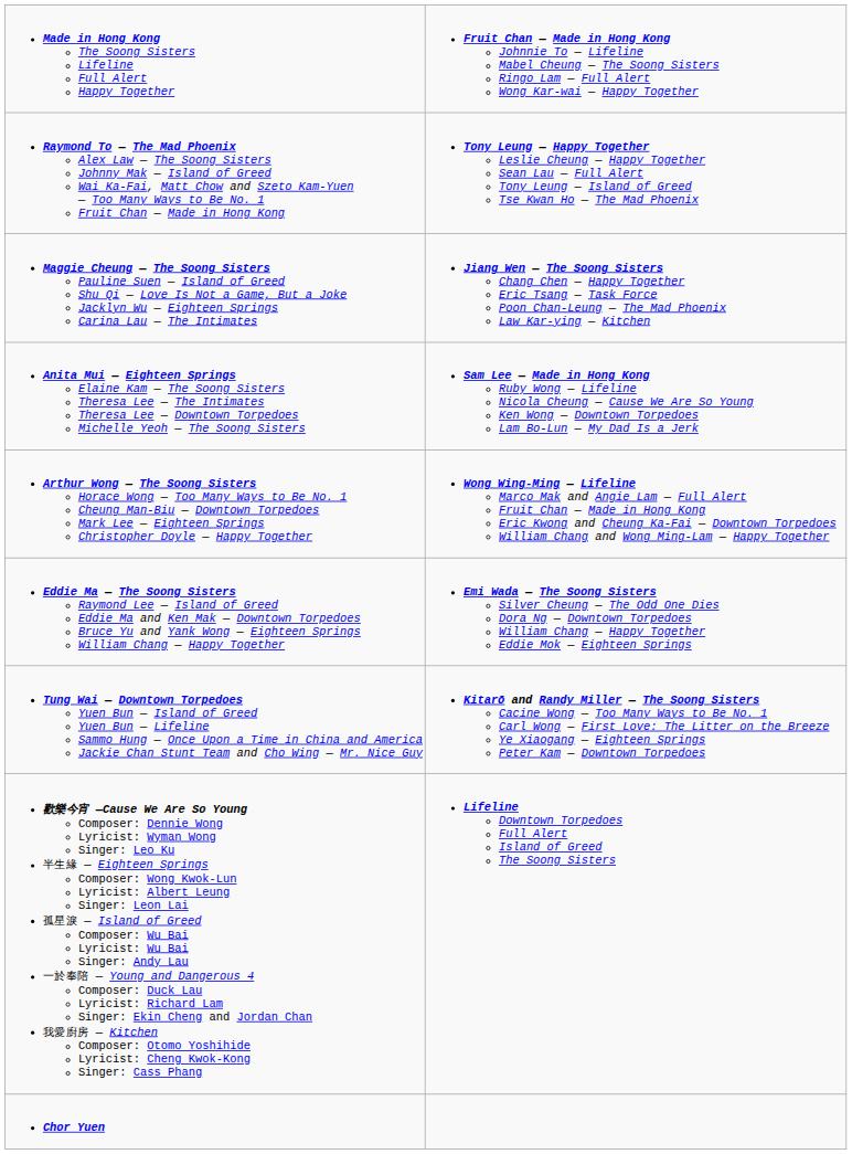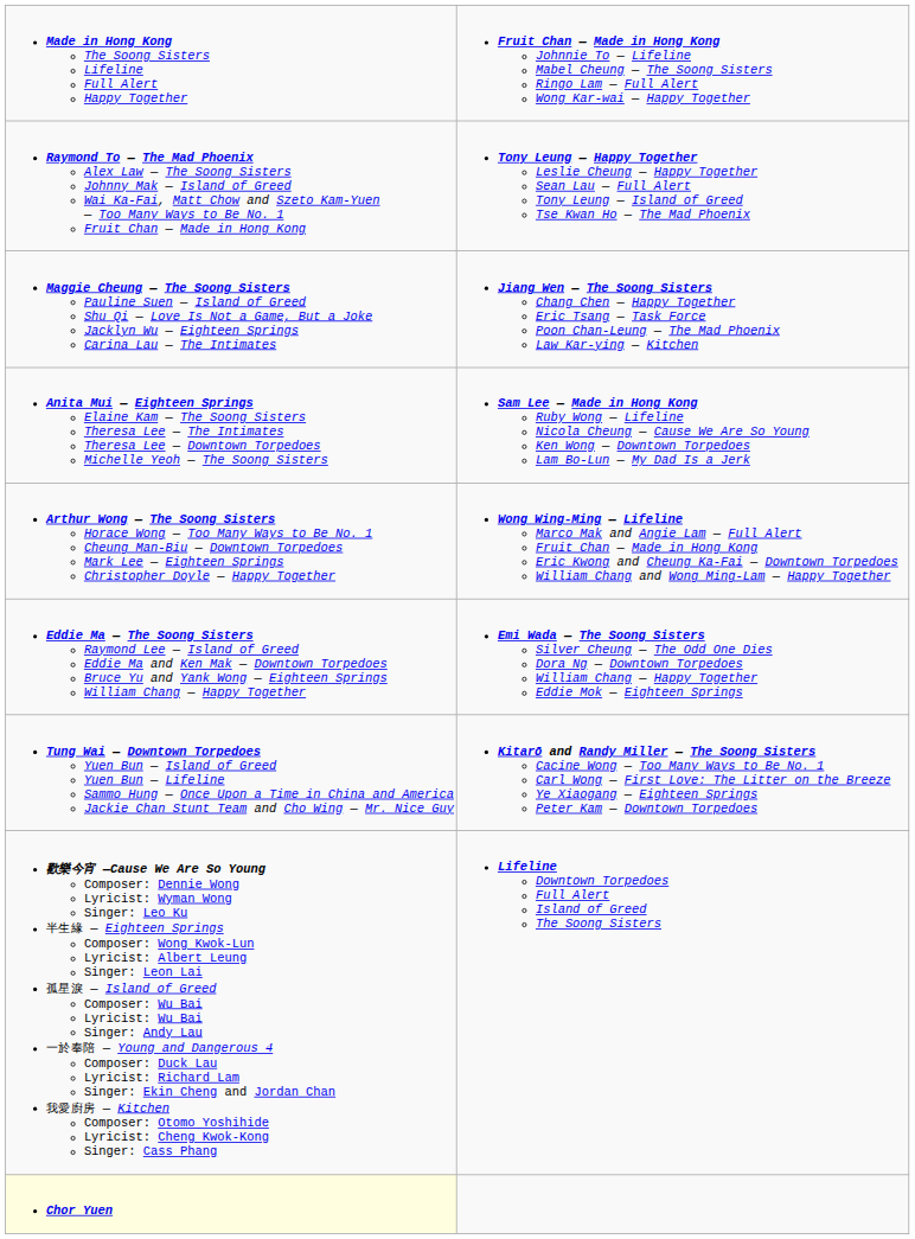 <table class=wikitable>
 <tr>
 <td valign="top" width="50%"><br><ul><li><strong><em><a href='#'>Made in Hong Kong</a></em></strong><ul><li><em><a href='#'>The Soong Sisters</a></em></li><li><em><a href='#'>Lifeline</a></em></li><li><em><a href='#'>Full Alert</a></em></li><li><em><a href='#'>Happy Together</a></em></li></ul></li></ul></td>
 <td valign="top" width="50%"><br><ul><li><strong><em><a href='#'>Fruit Chan</a> — <a href='#'>Made in Hong Kong</a></em></strong><ul><li><em><a href='#'>Johnnie To</a> — <a href='#'>Lifeline</a></em></li><li><em><a href='#'>Mabel Cheung</a> — <a href='#'>The Soong Sisters</a></em></li><li><em><a href='#'>Ringo Lam</a> — <a href='#'>Full Alert</a></em></li><li><em><a href='#'>Wong Kar-wai</a> — <a href='#'>Happy Together</a></em></li></ul></li></ul></td>
 </tr>
 <tr>
 <td valign="top" width="50%"><br><ul><li><strong><em><a href='#'>Raymond To</a> — <a href='#'>The Mad Phoenix</a></em></strong><ul><li><em><a href='#'>Alex Law</a> — <a href='#'>The Soong Sisters</a></em></li><li><em><a href='#'>Johnny Mak</a> — <a href='#'>Island of Greed</a></em></li><li><em><a href='#'>Wai Ka-Fai</a>, <a href='#'>Matt Chow</a> and <a href='#'>Szeto Kam-Yuen</a> <br> — <a href='#'>Too Many Ways to Be No. 1</a></em></li><li><em><a href='#'>Fruit Chan</a> — <a href='#'>Made in Hong Kong</a></em></li></ul></li></ul></td>
 <td valign="top" width="50%"><br><ul><li><strong><em><a href='#'>Tony Leung</a> — <a href='#'>Happy Together</a></em></strong><ul><li><em><a href='#'>Leslie Cheung</a> — <a href='#'>Happy Together</a></em></li><li><em><a href='#'>Sean Lau</a> — <a href='#'>Full Alert</a></em></li><li><em><a href='#'>Tony Leung</a> — <a href='#'>Island of Greed</a></em></li><li><em><a href='#'>Tse Kwan Ho</a> — <a href='#'>The Mad Phoenix</a></em></li></ul></li></ul></td>
 </tr>
 <tr>
 <td valign="top" width="50%"><br><ul><li><strong><em><a href='#'>Maggie Cheung</a> — <a href='#'>The Soong Sisters</a></em></strong><ul><li><em><a href='#'>Pauline Suen</a> — <a href='#'>Island of Greed</a></em></li><li><em><a href='#'>Shu Qi</a> — <a href='#'>Love Is Not a Game, But a Joke</a></em></li><li><em><a href='#'>Jacklyn Wu</a> — <a href='#'>Eighteen Springs</a></em></li><li><em><a href='#'>Carina Lau</a> — <a href='#'>The Intimates</a></em></li></ul></li></ul></td>
 <td valign="top" width="50%"><br><ul><li><strong><em><a href='#'>Jiang Wen</a> — <a href='#'>The Soong Sisters</a></em></strong><ul><li><em><a href='#'>Chang Chen</a> — <a href='#'>Happy Together</a></em></li><li><em><a href='#'>Eric Tsang</a> — <a href='#'>Task Force</a></em></li><li><em><a href='#'>Poon Chan-Leung</a> — <a href='#'>The Mad Phoenix</a></em></li><li><em><a href='#'>Law Kar-ying</a> — <a href='#'>Kitchen</a></em></li></ul></li></ul></td>
 </tr>
 <tr>
 <td valign="top" width="50%"><br><ul><li><strong><em><a href='#'>Anita Mui</a> — <a href='#'>Eighteen Springs</a></em></strong><ul><li><em><a href='#'>Elaine Kam</a> — <a href='#'>The Soong Sisters</a></em></li><li><em><a href='#'>Theresa Lee</a> — <a href='#'>The Intimates</a></em></li><li><em><a href='#'>Theresa Lee</a> — <a href='#'>Downtown Torpedoes</a></em></li><li><em><a href='#'>Michelle Yeoh</a> — <a href='#'>The Soong Sisters</a></em></li></ul></li></ul></td>
 <td valign="top" width="50%"><br><ul><li><strong><em><a href='#'>Sam Lee</a> — <a href='#'>Made in Hong Kong</a></em></strong><ul><li><em><a href='#'>Ruby Wong</a> — <a href='#'>Lifeline</a></em></li><li><em><a href='#'>Nicola Cheung</a> — <a href='#'>Cause We Are So Young</a></em></li><li><em><a href='#'>Ken Wong</a> — <a href='#'>Downtown Torpedoes</a></em></li><li><em><a href='#'>Lam Bo-Lun</a> — <a href='#'>My Dad Is a Jerk</a></em></li></ul></li></ul></td>
 </tr>
 <tr>
 <td valign="top" width="50%"><br><ul><li><strong><em><a href='#'>Arthur Wong</a> — <a href='#'>The Soong Sisters</a></em></strong><ul><li><em><a href='#'>Horace Wong</a> — <a href='#'>Too Many Ways to Be No. 1</a></em></li><li><em><a href='#'>Cheung Man-Biu</a> — <a href='#'>Downtown Torpedoes</a></em></li><li><em><a href='#'>Mark Lee</a> — <a href='#'>Eighteen Springs</a></em></li><li><em><a href='#'>Christopher Doyle</a> — <a href='#'>Happy Together</a></em></li></ul></li></ul></td>
 <td valign="top" width="50%"><br><ul><li><strong><em><a href='#'>Wong Wing-Ming</a> — <a href='#'>Lifeline</a></em></strong><ul><li><em><a href='#'>Marco Mak</a> and <a href='#'>Angie Lam</a> — <a href='#'>Full Alert</a></em></li><li><em><a href='#'>Fruit Chan</a> — <a href='#'>Made in Hong Kong</a></em></li><li><em><a href='#'>Eric Kwong</a> and <a href='#'>Cheung Ka-Fai</a> — <a href='#'>Downtown Torpedoes</a></em></li><li><em><a href='#'>William Chang</a> and <a href='#'>Wong Ming-Lam</a> — <a href='#'>Happy Together</a></em></li></ul></li></ul></td>
 </tr>
 <tr>
 <td valign="top" width="50%"><br><ul><li><strong><em><a href='#'>Eddie Ma</a> — <a href='#'>The Soong Sisters</a></em></strong><ul><li><em><a href='#'>Raymond Lee</a> — <a href='#'>Island of Greed</a></em></li><li><em><a href='#'>Eddie Ma</a> and <a href='#'>Ken Mak</a> — <a href='#'>Downtown Torpedoes</a></em></li><li><em><a href='#'>Bruce Yu</a> and  <a href='#'>Yank Wong</a> — <a href='#'>Eighteen Springs</a></em></li><li><em><a href='#'>William Chang</a> — <a href='#'>Happy Together</a></em></li></ul></li></ul></td>
 <td valign="top" width="50%"><br><ul><li><strong><em><a href='#'>Emi Wada</a> — <a href='#'>The Soong Sisters</a></em></strong><ul><li><em><a href='#'>Silver Cheung</a> — <a href='#'>The Odd One Dies</a></em></li><li><em><a href='#'>Dora Ng</a> — <a href='#'>Downtown Torpedoes</a></em></li><li><em><a href='#'>William Chang</a> — <a href='#'>Happy Together</a></em></li><li><em><a href='#'>Eddie Mok</a> — <a href='#'>Eighteen Springs</a></em></li></ul></li></ul></td>
 </tr>
 <tr>
 <td valign="top" width="50%"><br><ul><li><strong><em><a href='#'>Tung Wai</a> — <a href='#'>Downtown Torpedoes</a></em></strong><ul><li><em><a href='#'>Yuen Bun</a> — <a href='#'>Island of Greed</a></em></li><li><em><a href='#'>Yuen Bun</a> — <a href='#'>Lifeline</a></em></li><li><em><a href='#'>Sammo Hung</a> — <a href='#'>Once Upon a Time in China and America</a></em></li><li><em><a href='#'>Jackie Chan Stunt Team</a> and <a href='#'>Cho Wing</a> — <a href='#'>Mr. Nice Guy</a></em></li></ul></li></ul></td>
 <td valign="top" width="50%"><br><ul><li><strong><em><a href='#'>Kitarō</a> and <a href='#'>Randy Miller</a> — <a href='#'>The Soong Sisters</a></em></strong><ul><li><em><a href='#'>Cacine Wong</a> — <a href='#'>Too Many Ways to Be No. 1</a></em></li><li><em><a href='#'>Carl Wong</a> — <a href='#'>First Love: The Litter on the Breeze</a></em></li><li><em><a href='#'>Ye Xiaogang</a> — <a href='#'>Eighteen Springs</a></em></li><li><em><a href='#'>Peter Kam</a> — <a href='#'>Downtown Torpedoes</a></em></li></ul></li></ul></td>
 </tr>
 <tr>
 <td valign="top" width="50%"><br><ul><li><strong><em>歡樂今宵 —Cause We Are So Young</em></strong><ul><li>Composer: <a href='#'>Dennie Wong</a></li><li>Lyricist: <a href='#'>Wyman Wong</a></li><li>Singer: <a href='#'>Leo Ku</a></li></ul></li><li>半生緣 — <em><a href='#'>Eighteen Springs</a></em><ul><li>Composer: <a href='#'>Wong Kwok-Lun</a></li><li>Lyricist: <a href='#'>Albert Leung</a></li><li>Singer: <a href='#'>Leon Lai</a></li></ul></li><li>孤星淚 — <em><a href='#'>Island of Greed</a></em><ul><li>Composer: <a href='#'>Wu Bai</a></li><li>Lyricist: <a href='#'>Wu Bai</a></li><li>Singer: <a href='#'>Andy Lau</a></li></ul></li><li>一於奉陪 — <em><a href='#'>Young and Dangerous 4</a></em><ul><li>Composer: <a href='#'>Duck Lau</a></li><li>Lyricist: <a href='#'>Richard Lam</a></li><li>Singer: <a href='#'>Ekin Cheng</a> and <a href='#'>Jordan Chan</a></li></ul></li><li>我愛廚房 — <em><a href='#'>Kitchen</a></em><ul><li>Composer: <a href='#'>Otomo Yoshihide</a></li><li>Lyricist: <a href='#'>Cheng Kwok-Kong</a></li><li>Singer: <a href='#'>Cass Phang</a></li></ul></li></ul></td>
 <td valign="top" width="50%"><br><ul><li><strong><em><a href='#'>Lifeline</a></em></strong><ul><li><em><a href='#'>Downtown Torpedoes</a></em></li><li><em><a href='#'>Full Alert</a></em></li><li><em><a href='#'>Island of Greed</a></em></li><li><em><a href='#'>The Soong Sisters</a></em></li></ul></li></ul></td>
 </tr>
 <tr>
-<td valign="top" width="50%"><br><ul><li><strong><em><a href='#'>Chor Yuen</a></em></strong></li></ul></td>
+<td valign="top" width="50%" style="background: lightyellow;"><br><ul><li><strong><em><a href='#'>Chor Yuen</a></em></strong></li></ul></td>
 </tr>
 </table>
